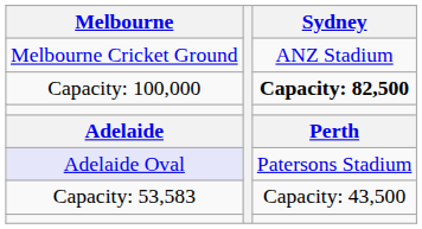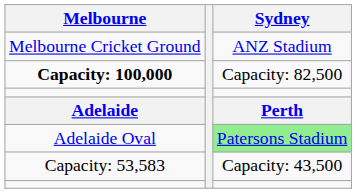 <table class="wikitable" style="margin:1em auto; text-align:center">
 <tr>
 <th><a href='#'>Melbourne</a></th>
 <th rowspan=8 colspan=2></th>
 <th><a href='#'>Sydney</a></th>
 </tr>
 <tr>
 <td><a href='#'>Melbourne Cricket Ground</a></td>
 <td><a href='#'>ANZ Stadium</a></td>
 </tr>
 <tr>
-<td>Capacity: 100,000</td>
-<td><strong>Capacity: 82,500</strong></td>
+<td><strong>Capacity: 100,000</strong></td>
+<td>Capacity: 82,500</td>
 </tr>
 <tr>
 <td></td>
 <td></td>
 </tr>
 <tr>
 <th><a href='#'>Adelaide</a></th>
 <th><a href='#'>Perth</a></th>
 </tr>
 <tr>
-<td style="background: lavender;"><a href='#'>Adelaide Oval</a></td>
-<td><a href='#'>Patersons Stadium</a></td>
+<td><a href='#'>Adelaide Oval</a></td>
+<td style="background: lightgreen;"><a href='#'>Patersons Stadium</a></td>
 </tr>
 <tr>
 <td>Capacity: 53,583</td>
 <td>Capacity: 43,500</td>
 </tr>
 <tr>
 <td></td>
 <td></td>
 </tr>
 </table>
